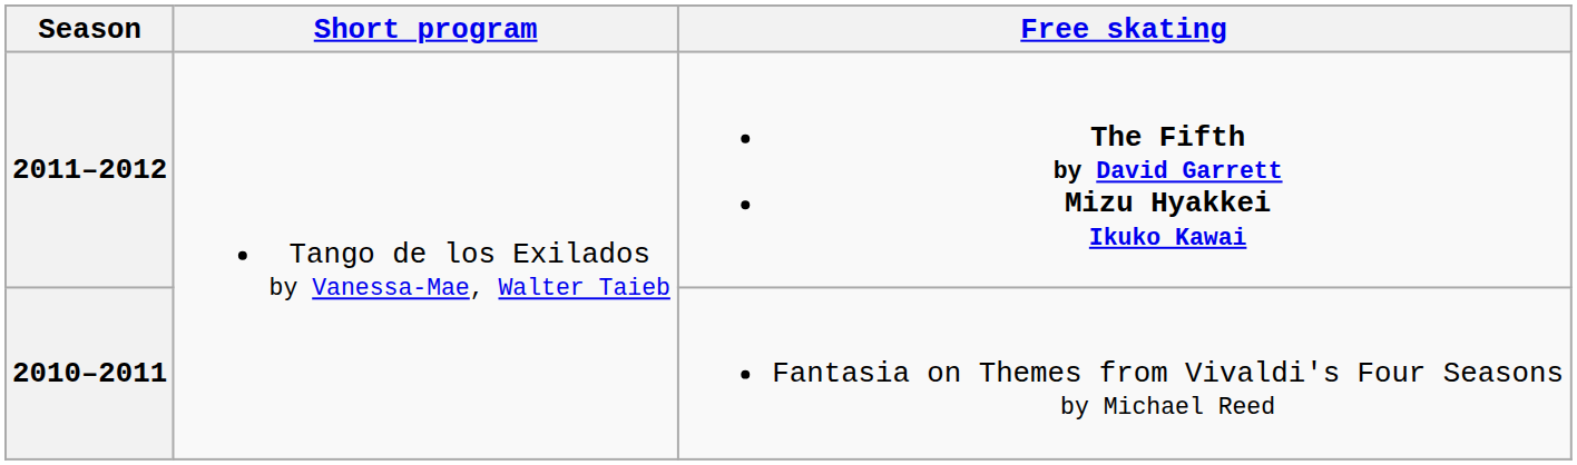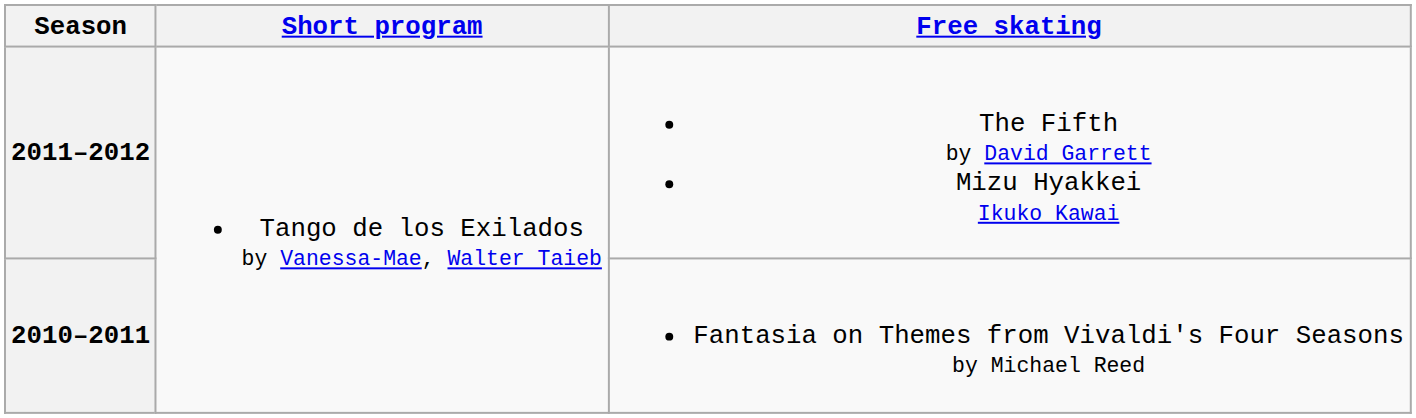 <table class=wikitable style=text-align:center>
 <tr>
 <th>Season</th>
 <th><a href='#'>Short program</a></th>
 <th><a href='#'>Free skating</a></th>
 </tr>
 <tr>
 <th>2011–2012 <br> </th>
 <td rowspan=2><br><ul><li>Tango de los Exilados <br><small> by <a href='#'>Vanessa-Mae</a>, <a href='#'>Walter Taieb</a> </small></li></ul></td>
-<td><strong><br><ul><li>The Fifth <br><small> by <a href='#'>David Garrett</a> </small></li><li>Mizu Hyakkei <br><small> <a href='#'>Ikuko Kawai</a> </small></li></ul></strong></td>
+<td><br><ul><li>The Fifth <br><small> by <a href='#'>David Garrett</a> </small></li><li>Mizu Hyakkei <br><small> <a href='#'>Ikuko Kawai</a> </small></li></ul></td>
 </tr>
 <tr>
 <th>2010–2011 <br> </th>
 <td><br><ul><li>Fantasia on Themes from Vivaldi's Four Seasons <br><small> by Michael Reed </small></li></ul></td>
 </tr>
 </table>
